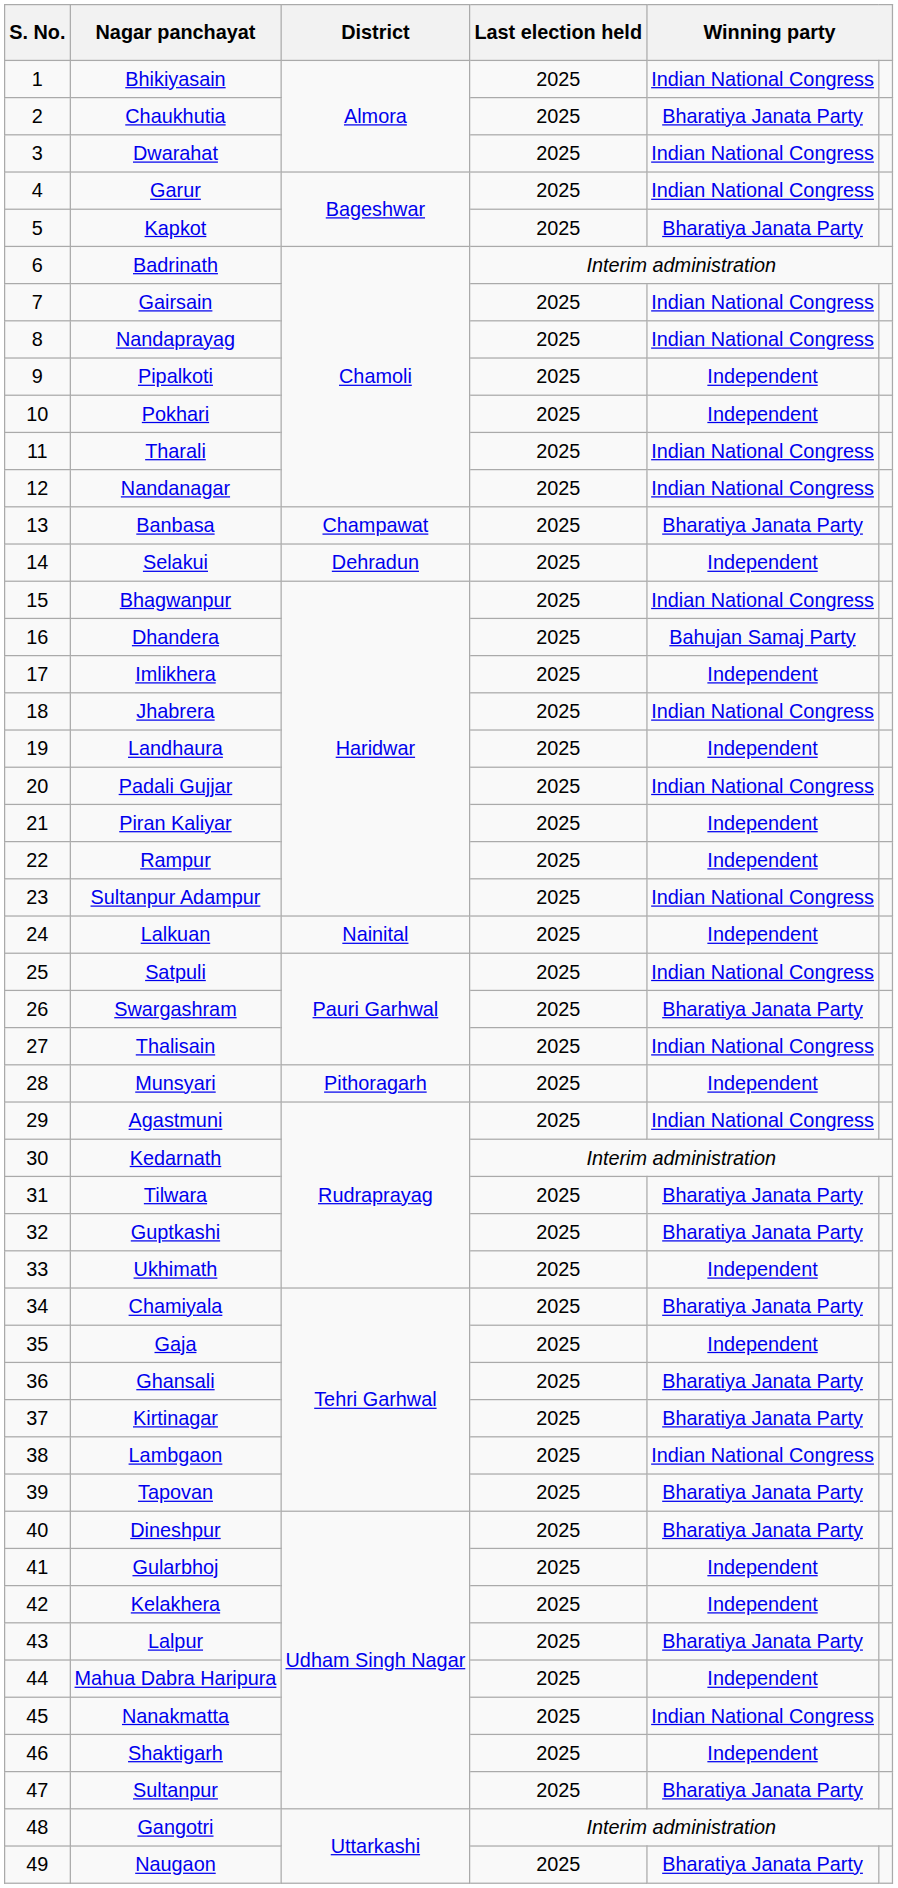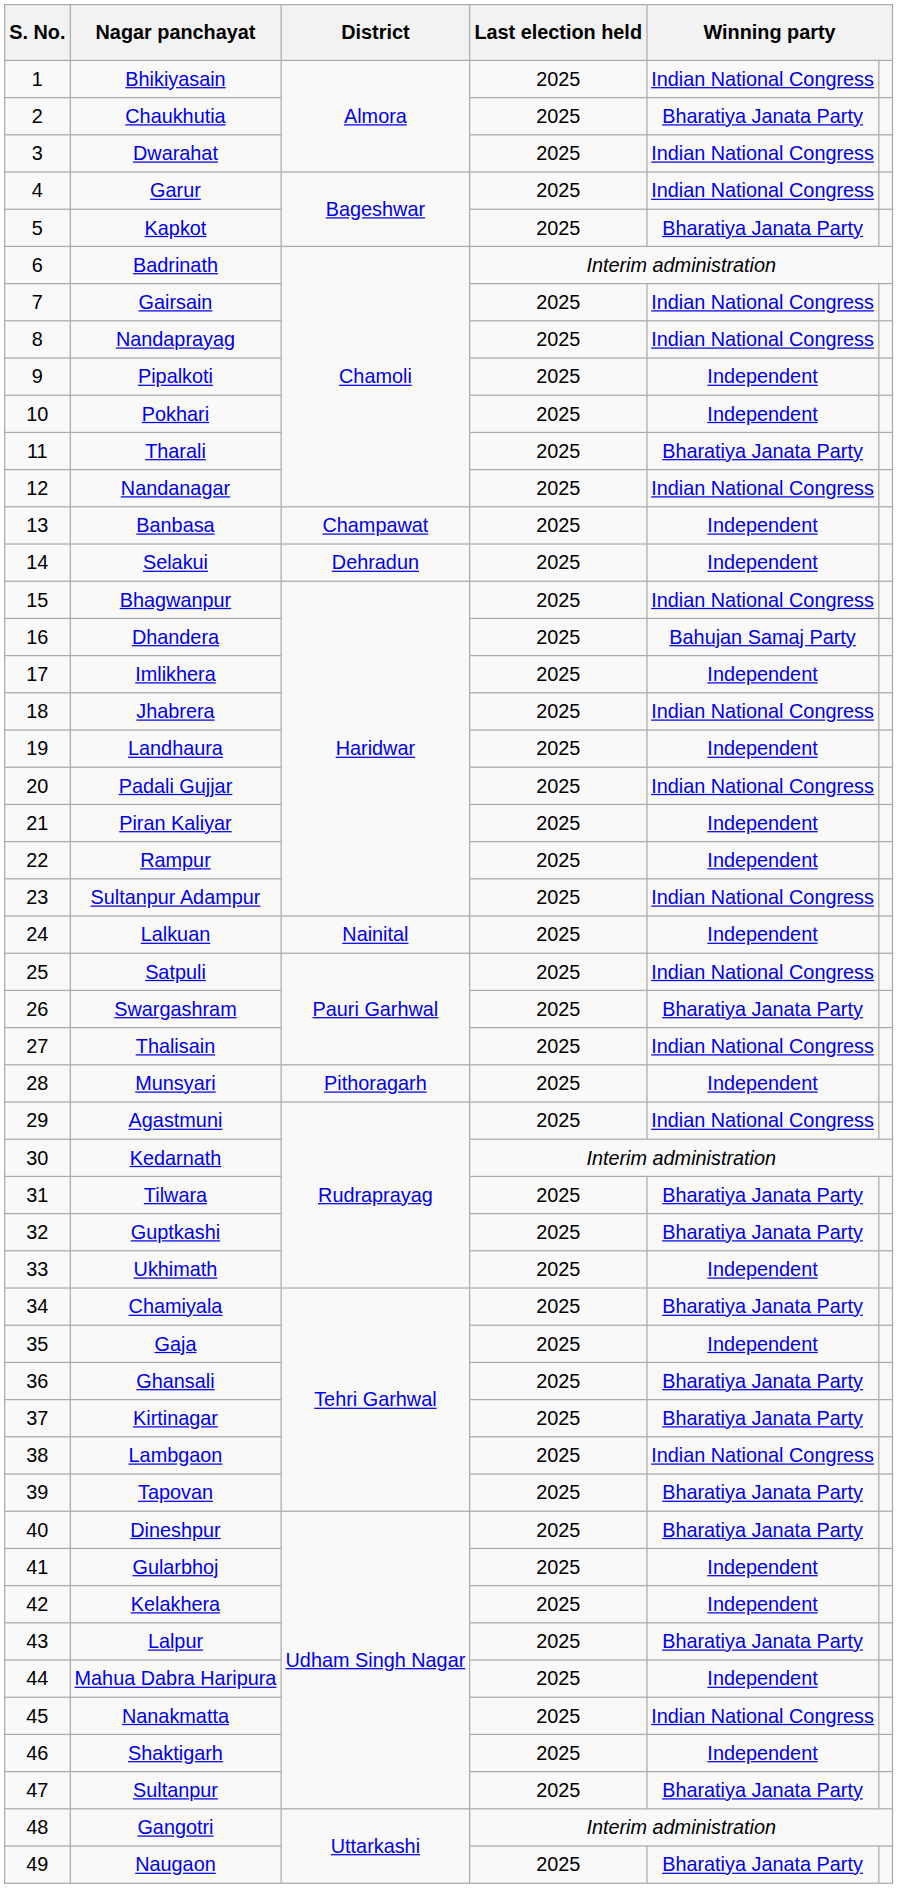 <table class="wikitable sortable">
 <tr style="text-align:center; height:45px;">
 <th scope="col">S. No.</th>
 <th>Nagar panchayat</th>
 <th>District</th>
 <th>Last election held</th>
 <th colspan=2>Winning party</th>
 </tr>
 <tr style="text-align:center; height:30px;">
 <td>1</td>
 <td><a href='#'>Bhikiyasain</a></td>
 <td rowspan="3"><a href='#'>Almora</a></td>
 <td>2025</td>
 <td><a href='#'>Indian National Congress</a></td>
 <td width="4px" style="background-color: "></td>
 </tr>
 <tr style="text-align:center; height:30px;">
 <td>2</td>
 <td><a href='#'>Chaukhutia</a></td>
 <td>2025</td>
 <td><a href='#'>Bharatiya Janata Party</a></td>
 <td width="4px" style="background-color: "></td>
 </tr>
 <tr style="text-align:center; height:30px;">
 <td>3</td>
 <td><a href='#'>Dwarahat</a></td>
 <td>2025</td>
 <td><a href='#'>Indian National Congress</a></td>
 <td width="4px" style="background-color: "></td>
 </tr>
 <tr style="text-align:center; height:30px;">
 <td>4</td>
 <td><a href='#'>Garur</a></td>
 <td rowspan="2"><a href='#'>Bageshwar</a></td>
 <td>2025</td>
 <td><a href='#'>Indian National Congress</a></td>
 <td width="4px" style="background-color: "></td>
 </tr>
 <tr style="text-align:center; height:30px;">
 <td>5</td>
 <td><a href='#'>Kapkot</a></td>
 <td>2025</td>
 <td><a href='#'>Bharatiya Janata Party</a></td>
 <td width="4px" style="background-color: "></td>
 </tr>
 <tr style="text-align:center; height:30px;">
 <td>6</td>
 <td><a href='#'>Badrinath</a></td>
 <td rowspan="7"><a href='#'>Chamoli</a></td>
 <td colspan="3"><em>Interim administration</em></td>
 </tr>
 <tr style="text-align:center; height:30px;">
 <td>7</td>
 <td><a href='#'>Gairsain</a></td>
 <td>2025</td>
 <td><a href='#'>Indian National Congress</a></td>
 <td width="4px" style="background-color: "></td>
 </tr>
 <tr style="text-align:center; height:30px;">
 <td>8</td>
 <td><a href='#'>Nandaprayag</a></td>
 <td>2025</td>
 <td><a href='#'>Indian National Congress</a></td>
 <td width="4px" style="background-color: "></td>
 </tr>
 <tr style="text-align:center; height:30px;">
 <td>9</td>
 <td><a href='#'>Pipalkoti</a></td>
 <td>2025</td>
 <td><a href='#'>Independent</a></td>
 <td width="4px" style="background-color: "></td>
 </tr>
 <tr style="text-align:center; height:30px;">
 <td>10</td>
 <td><a href='#'>Pokhari</a></td>
 <td>2025</td>
 <td><a href='#'>Independent</a></td>
 <td width="4px" style="background-color: "></td>
 </tr>
 <tr style="text-align:center; height:30px;">
 <td>11</td>
 <td><a href='#'>Tharali</a></td>
 <td>2025</td>
-<td><a href='#'>Indian National Congress</a></td>
+<td><a href='#'>Bharatiya Janata Party</a></td>
 <td width="4px" style="background-color: "></td>
 </tr>
 <tr style="text-align:center; height:30px;">
 <td>12</td>
 <td><a href='#'>Nandanagar</a></td>
 <td>2025</td>
 <td><a href='#'>Indian National Congress</a></td>
 <td width="4px" style="background-color: "></td>
 </tr>
 <tr style="text-align:center; height:30px;">
 <td>13</td>
 <td><a href='#'>Banbasa</a></td>
 <td><a href='#'>Champawat</a></td>
 <td>2025</td>
-<td><a href='#'>Bharatiya Janata Party</a></td>
+<td><a href='#'>Independent</a></td>
 <td width="4px" style="background-color: "></td>
 </tr>
 <tr style="text-align:center; height:30px;">
 <td>14</td>
 <td><a href='#'>Selakui</a></td>
 <td><a href='#'>Dehradun</a></td>
 <td>2025</td>
 <td><a href='#'>Independent</a></td>
 <td width="4px" style="background-color: "></td>
 </tr>
 <tr style="text-align:center; height:30px;">
 <td>15</td>
 <td><a href='#'>Bhagwanpur</a></td>
 <td rowspan="9"><a href='#'>Haridwar</a></td>
 <td>2025</td>
 <td><a href='#'>Indian National Congress</a></td>
 <td width="4px" style="background-color: "></td>
 </tr>
 <tr style="text-align:center; height:30px;">
 <td>16</td>
 <td><a href='#'>Dhandera</a></td>
 <td>2025</td>
 <td><a href='#'>Bahujan Samaj Party</a></td>
 <td width="4px" style="background-color: "></td>
 </tr>
 <tr style="text-align:center; height:30px;">
 <td>17</td>
 <td><a href='#'>Imlikhera</a></td>
 <td>2025</td>
 <td><a href='#'>Independent</a></td>
 <td width="4px" style="background-color: "></td>
 </tr>
 <tr style="text-align:center; height:30px;">
 <td>18</td>
 <td><a href='#'>Jhabrera</a></td>
 <td>2025</td>
 <td><a href='#'>Indian National Congress</a></td>
 <td width="4px" style="background-color: "></td>
 </tr>
 <tr style="text-align:center; height:30px;">
 <td>19</td>
 <td><a href='#'>Landhaura</a></td>
 <td>2025</td>
 <td><a href='#'>Independent</a></td>
 <td width="4px" style="background-color: "></td>
 </tr>
 <tr style="text-align:center; height:30px;">
 <td>20</td>
 <td><a href='#'>Padali Gujjar</a></td>
 <td>2025</td>
 <td><a href='#'>Indian National Congress</a></td>
 <td width="4px" style="background-color: "></td>
 </tr>
 <tr style="text-align:center; height:30px;">
 <td>21</td>
 <td><a href='#'>Piran Kaliyar</a></td>
 <td>2025</td>
 <td><a href='#'>Independent</a></td>
 <td width="4px" style="background-color: "></td>
 </tr>
 <tr style="text-align:center; height:30px;">
 <td>22</td>
 <td><a href='#'>Rampur</a></td>
 <td>2025</td>
 <td><a href='#'>Independent</a></td>
 <td width="4px" style="background-color: "></td>
 </tr>
 <tr style="text-align:center; height:30px;">
 <td>23</td>
 <td><a href='#'>Sultanpur Adampur</a></td>
 <td>2025</td>
 <td><a href='#'>Indian National Congress</a></td>
 <td width="4px" style="background-color: "></td>
 </tr>
 <tr style="text-align:center; height:30px;">
 <td>24</td>
 <td><a href='#'>Lalkuan</a></td>
 <td><a href='#'>Nainital</a></td>
 <td>2025</td>
 <td><a href='#'>Independent</a></td>
 <td width="4px" style="background-color: "></td>
 </tr>
 <tr style="text-align:center; height:30px;">
 <td>25</td>
 <td><a href='#'>Satpuli</a></td>
 <td rowspan="3"><a href='#'>Pauri Garhwal</a></td>
 <td>2025</td>
 <td><a href='#'>Indian National Congress</a></td>
 <td width="4px" style="background-color: "></td>
 </tr>
 <tr style="text-align:center; height:30px;">
 <td>26</td>
 <td><a href='#'>Swargashram</a></td>
 <td>2025</td>
 <td><a href='#'>Bharatiya Janata Party</a></td>
 <td width="4px" style="background-color: "></td>
 </tr>
 <tr style="text-align:center; height:30px;">
 <td>27</td>
 <td><a href='#'>Thalisain</a></td>
 <td>2025</td>
 <td><a href='#'>Indian National Congress</a></td>
 <td width="4px" style="background-color: "></td>
 </tr>
 <tr style="text-align:center; height:30px;">
 <td>28</td>
 <td><a href='#'>Munsyari</a></td>
 <td><a href='#'>Pithoragarh</a></td>
 <td>2025</td>
 <td><a href='#'>Independent</a></td>
 <td width="4px" style="background-color: "></td>
 </tr>
 <tr style="text-align:center; height:30px;">
 <td>29</td>
 <td><a href='#'>Agastmuni</a></td>
 <td rowspan="5"><a href='#'>Rudraprayag</a></td>
 <td>2025</td>
 <td><a href='#'>Indian National Congress</a></td>
 <td width="4px" style="background-color: "></td>
 </tr>
 <tr style="text-align:center; height:30px;">
 <td>30</td>
 <td><a href='#'>Kedarnath</a></td>
 <td colspan="3"><em>Interim administration</em></td>
 </tr>
 <tr style="text-align:center; height:30px;">
 <td>31</td>
 <td><a href='#'>Tilwara</a></td>
 <td>2025</td>
 <td><a href='#'>Bharatiya Janata Party</a></td>
 <td width="4px" style="background-color: "></td>
 </tr>
 <tr style="text-align:center; height:30px;">
 <td>32</td>
 <td><a href='#'>Guptkashi</a></td>
 <td>2025</td>
 <td><a href='#'>Bharatiya Janata Party</a></td>
 <td width="4px" style="background-color: "></td>
 </tr>
 <tr style="text-align:center; height:30px;">
 <td>33</td>
 <td><a href='#'>Ukhimath</a></td>
 <td>2025</td>
 <td><a href='#'>Independent</a></td>
 <td width="4px" style="background-color: "></td>
 </tr>
 <tr style="text-align:center; height:30px;">
 <td>34</td>
 <td><a href='#'>Chamiyala</a></td>
 <td rowspan="6"><a href='#'>Tehri Garhwal</a></td>
 <td>2025</td>
 <td><a href='#'>Bharatiya Janata Party</a></td>
 <td width="4px" style="background-color: "></td>
 </tr>
 <tr style="text-align:center; height:30px;">
 <td>35</td>
 <td><a href='#'>Gaja</a></td>
 <td>2025</td>
 <td><a href='#'>Independent</a></td>
 <td width="4px" style="background-color: "></td>
 </tr>
 <tr style="text-align:center; height:30px;">
 <td>36</td>
 <td><a href='#'>Ghansali</a></td>
 <td>2025</td>
 <td><a href='#'>Bharatiya Janata Party</a></td>
 <td width="4px" style="background-color: "></td>
 </tr>
 <tr style="text-align:center; height:30px;">
 <td>37</td>
 <td><a href='#'>Kirtinagar</a></td>
 <td>2025</td>
 <td><a href='#'>Bharatiya Janata Party</a></td>
 <td width="4px" style="background-color: "></td>
 </tr>
 <tr style="text-align:center; height:30px;">
 <td>38</td>
 <td><a href='#'>Lambgaon</a></td>
 <td>2025</td>
 <td><a href='#'>Indian National Congress</a></td>
 <td width="4px" style="background-color: "></td>
 </tr>
 <tr style="text-align:center; height:30px;">
 <td>39</td>
 <td><a href='#'>Tapovan</a></td>
 <td>2025</td>
 <td><a href='#'>Bharatiya Janata Party</a></td>
 <td width="4px" style="background-color: "></td>
 </tr>
 <tr style="text-align:center; height:30px;">
 <td>40</td>
 <td><a href='#'>Dineshpur</a></td>
 <td rowspan="8"><a href='#'>Udham Singh Nagar</a></td>
 <td>2025</td>
 <td><a href='#'>Bharatiya Janata Party</a></td>
 <td width="4px" style="background-color: "></td>
 </tr>
 <tr style="text-align:center; height:30px;">
 <td>41</td>
 <td><a href='#'>Gularbhoj</a></td>
 <td>2025</td>
 <td><a href='#'>Independent</a></td>
 <td width="4px" style="background-color: "></td>
 </tr>
 <tr style="text-align:center; height:30px;">
 <td>42</td>
 <td><a href='#'>Kelakhera</a></td>
 <td>2025</td>
 <td><a href='#'>Independent</a></td>
 <td width="4px" style="background-color: "></td>
 </tr>
 <tr style="text-align:center; height:30px;">
 <td>43</td>
 <td><a href='#'>Lalpur</a></td>
 <td>2025</td>
 <td><a href='#'>Bharatiya Janata Party</a></td>
 <td width="4px" style="background-color: "></td>
 </tr>
 <tr style="text-align:center; height:30px;">
 <td>44</td>
 <td><a href='#'>Mahua Dabra Haripura</a></td>
 <td>2025</td>
 <td><a href='#'>Independent</a></td>
 <td width="4px" style="background-color: "></td>
 </tr>
 <tr style="text-align:center; height:30px;">
 <td>45</td>
 <td><a href='#'>Nanakmatta</a></td>
 <td>2025</td>
 <td><a href='#'>Indian National Congress</a></td>
 <td width="4px" style="background-color: "></td>
 </tr>
 <tr style="text-align:center; height:30px;">
 <td>46</td>
 <td><a href='#'>Shaktigarh</a></td>
 <td>2025</td>
 <td><a href='#'>Independent</a></td>
 <td width="4px" style="background-color: "></td>
 </tr>
 <tr style="text-align:center; height:30px;">
 <td>47</td>
 <td><a href='#'>Sultanpur</a></td>
 <td>2025</td>
 <td><a href='#'>Bharatiya Janata Party</a></td>
 <td width="4px" style="background-color: "></td>
 </tr>
 <tr style="text-align:center; height:30px;">
 <td>48</td>
 <td><a href='#'>Gangotri</a></td>
 <td rowspan="3"><a href='#'>Uttarkashi</a></td>
 <td colspan="3"><em>Interim administration</em></td>
 </tr>
 <tr style="text-align:center; height:30px;">
 <td>49</td>
 <td><a href='#'>Naugaon</a></td>
 <td>2025</td>
 <td><a href='#'>Bharatiya Janata Party</a></td>
 <td width="4px" style="background-color: "></td>
 </tr>
 </table>
